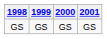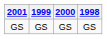 <table class="wikitable" style="margin:0.5em ; font-size:80%">
 <tr>
-<th><a href='#'>1998</a></th>
+<th><a href='#'>2001</a></th>
 <th><a href='#'>1999</a></th>
 <th><a href='#'>2000</a></th>
-<th><a href='#'>2001</a></th>
+<th><a href='#'>1998</a></th>
 </tr>
 <tr>
 <td align=center>GS</td>
 <td align=center>GS</td>
 <td align=center>GS</td>
 <td align=center>GS</td>
 </tr>
 </table>
